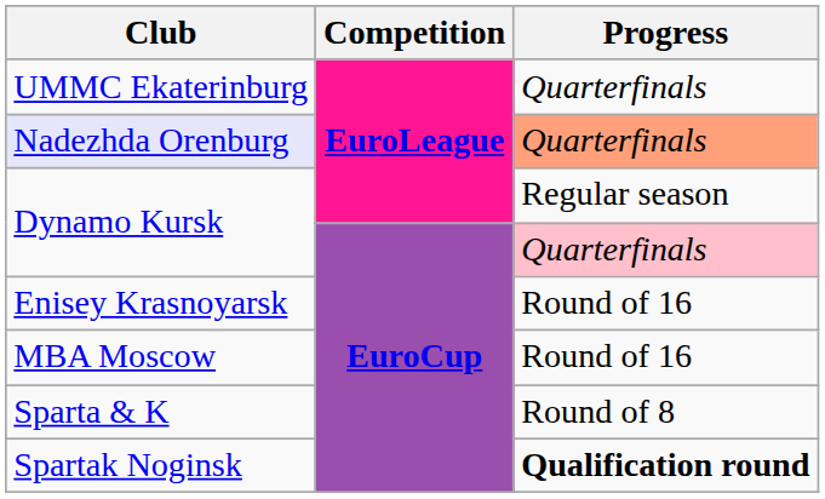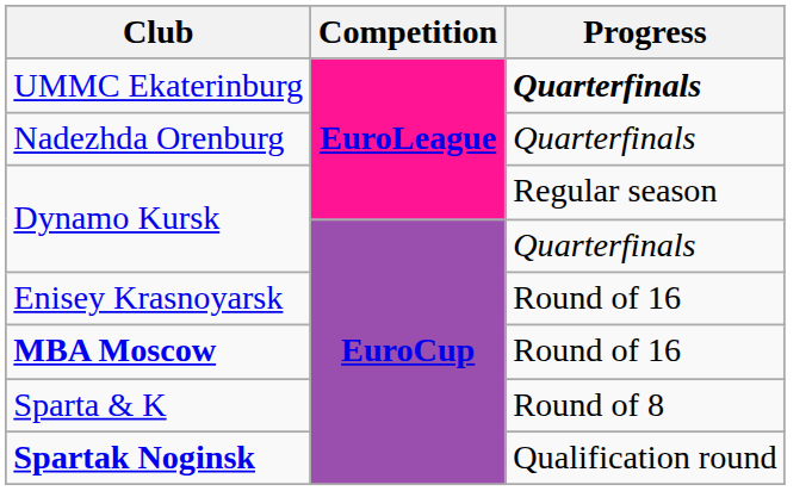 <table class="wikitable sortable">
 <tr>
 <th>Club</th>
 <th>Competition</th>
 <th>Progress</th>
 </tr>
 <tr>
 <td><a href='#'>UMMC Ekaterinburg</a></td>
 <td rowspan=3 style="background-color:#FF1493;color:#D0D3D4;text-align:center"><strong><a href='#'><span>EuroLeague</span></a></strong></td>
-<td><em>Quarterfinals</em></td>
+<td><strong><em>Quarterfinals</em></strong></td>
 </tr>
 <tr>
-<td style="background: lavender;"><a href='#'>Nadezhda Orenburg</a></td>
-<td style="background: lightsalmon;"><em>Quarterfinals</em></td>
+<td><a href='#'>Nadezhda Orenburg</a></td>
+<td><em>Quarterfinals</em></td>
 </tr>
 <tr>
 <td rowspan=2><a href='#'>Dynamo Kursk</a></td>
 <td>Regular season</td>
 </tr>
 <tr>
 <td rowspan=5 style="background-color:#9A4EAE;color:#D0D3D4;text-align:center"><strong><a href='#'><span>EuroCup</span></a></strong></td>
-<td style="background: pink;"><em>Quarterfinals</em></td>
+<td><em>Quarterfinals</em></td>
 </tr>
 <tr>
 <td><a href='#'>Enisey Krasnoyarsk</a></td>
 <td>Round of 16</td>
 </tr>
 <tr>
-<td><a href='#'>MBA Moscow</a></td>
+<td><strong><a href='#'>MBA Moscow</a></strong></td>
 <td>Round of 16</td>
 </tr>
 <tr>
 <td><a href='#'>Sparta & K</a></td>
 <td>Round of 8</td>
 </tr>
 <tr>
-<td><a href='#'>Spartak Noginsk</a></td>
-<td><strong>Qualification round</strong></td>
+<td><strong><a href='#'>Spartak Noginsk</a></strong></td>
+<td>Qualification round</td>
 </tr>
 </table>
